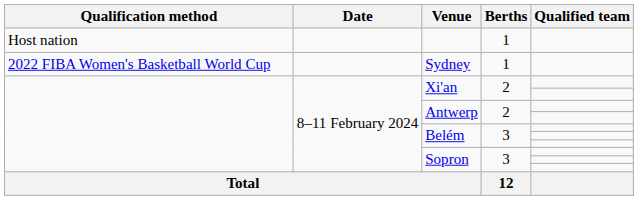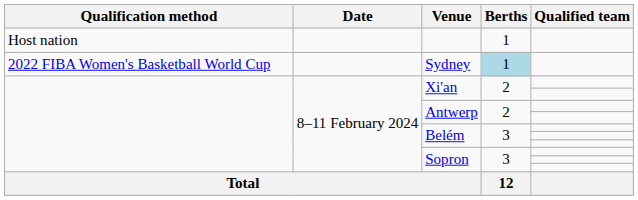 <table class="wikitable">
 <tr>
 <th width=300>Qualification method</th>
 <th>Date</th>
 <th>Venue</th>
 <th>Berths</th>
 <th>Qualified team</th>
 </tr>
 <tr>
 <td>Host nation</td>
 <td></td>
 <td></td>
 <td style="text-align:center;">1</td>
 <td></td>
 </tr>
 <tr>
 <td><a href='#'>2022 FIBA Women's Basketball World Cup</a></td>
 <td></td>
 <td> <a href='#'>Sydney</a></td>
-<td style="text-align:center;">1</td>
+<td style="background: lightblue; text-align:center;">1</td>
 <td></td>
 </tr>
 <tr>
 <td rowspan="10"></td>
 <td rowspan="10">8–11 February 2024</td>
 <td rowspan=2> <a href='#'>Xi'an</a></td>
 <td rowspan="2" style="text-align:center;">2</td>
 <td></td>
 </tr>
 <tr>
 <td></td>
 </tr>
 <tr>
 <td rowspan=2> <a href='#'>Antwerp</a></td>
 <td rowspan="2" style="text-align:center;">2</td>
 <td></td>
 </tr>
 <tr>
 <td></td>
 </tr>
 <tr>
 <td rowspan=3> <a href='#'>Belém</a></td>
 <td rowspan="3" style="text-align:center;">3</td>
 <td></td>
 </tr>
 <tr>
 <td></td>
 </tr>
 <tr>
 <td></td>
 </tr>
 <tr>
 <td rowspan=3> <a href='#'>Sopron</a></td>
 <td rowspan="3" style="text-align:center;">3</td>
 <td></td>
 </tr>
 <tr>
 <td></td>
 </tr>
 <tr>
 <td></td>
 </tr>
 <tr>
 <th colspan="3">Total</th>
 <th>12</th>
 <th></th>
 </tr>
 </table>
